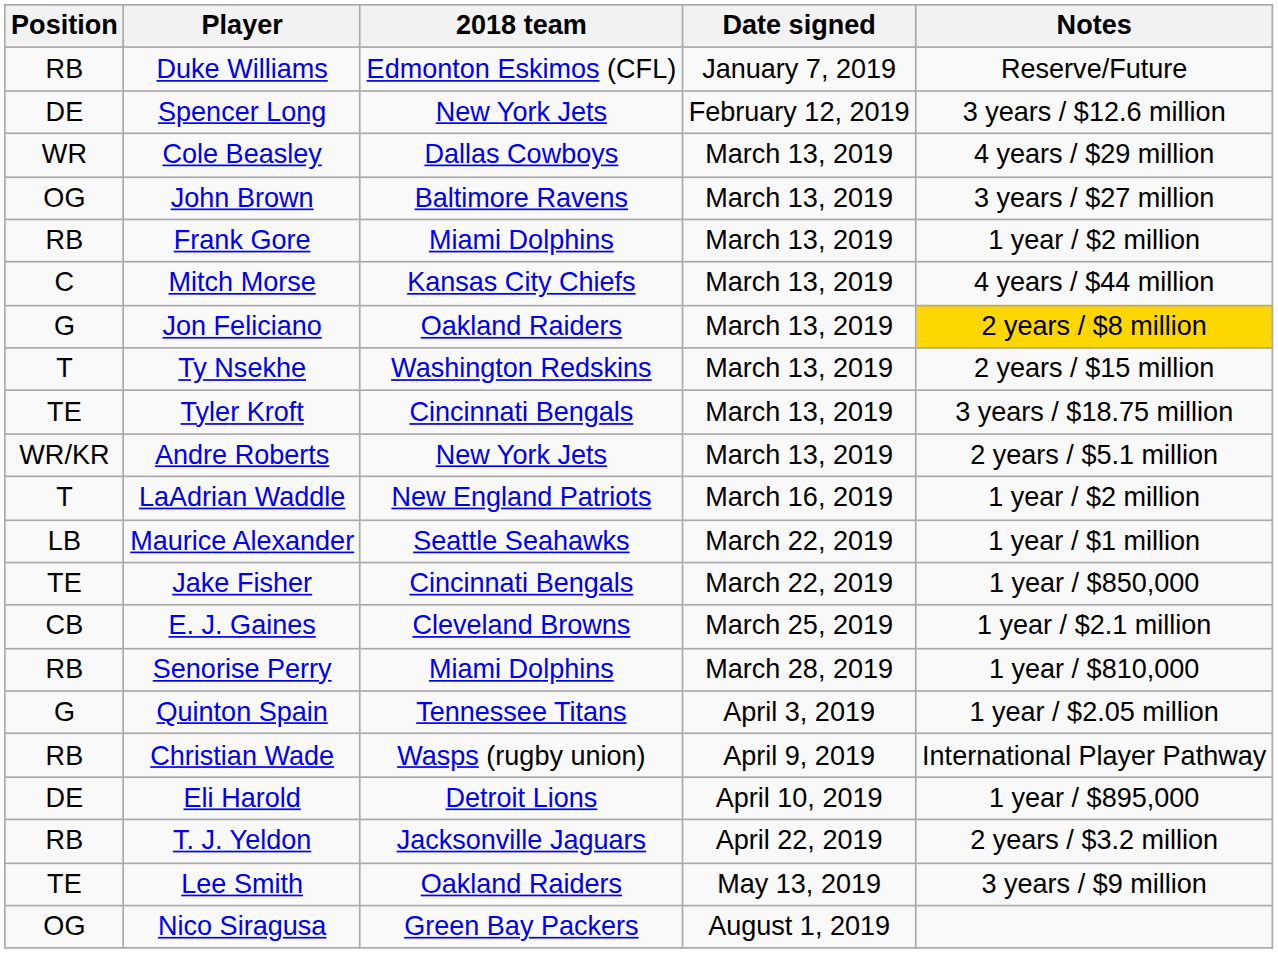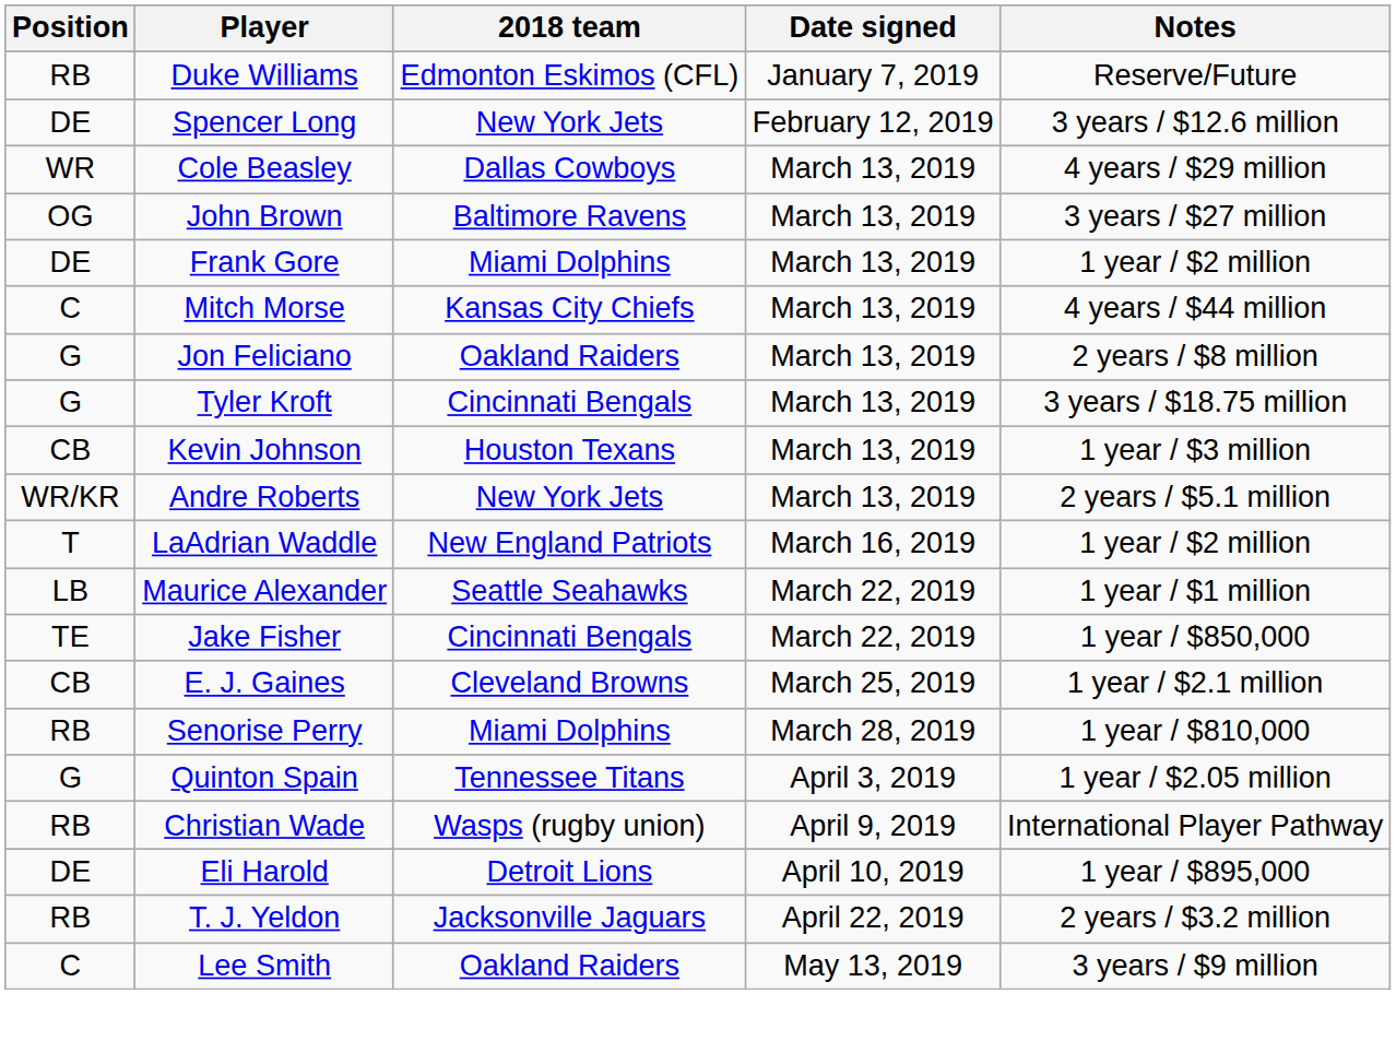 <table class="wikitable sortable" style="text-align:center">
 <tr>
 <th>Position</th>
 <th>Player</th>
 <th>2018 team</th>
 <th>Date signed</th>
 <th>Notes</th>
 </tr>
 <tr>
 <td>RB</td>
 <td><a href='#'>Duke Williams</a></td>
 <td><a href='#'>Edmonton Eskimos</a> (CFL)</td>
 <td>January 7, 2019</td>
 <td>Reserve/Future</td>
 </tr>
 <tr>
 <td>DE</td>
 <td><a href='#'>Spencer Long</a></td>
 <td><a href='#'>New York Jets</a></td>
 <td>February 12, 2019</td>
 <td>3 years / $12.6 million</td>
 </tr>
 <tr>
 <td>WR</td>
 <td><a href='#'>Cole Beasley</a></td>
 <td><a href='#'>Dallas Cowboys</a></td>
 <td>March 13, 2019</td>
 <td>4 years / $29 million</td>
 </tr>
 <tr>
 <td>OG</td>
 <td><a href='#'>John Brown</a></td>
 <td><a href='#'>Baltimore Ravens</a></td>
 <td>March 13, 2019</td>
 <td>3 years / $27 million</td>
 </tr>
 <tr>
-<td>RB</td>
+<td>DE</td>
 <td><a href='#'>Frank Gore</a></td>
 <td><a href='#'>Miami Dolphins</a></td>
 <td>March 13, 2019</td>
 <td>1 year / $2 million</td>
 </tr>
 <tr>
 <td>C</td>
 <td><a href='#'>Mitch Morse</a></td>
 <td><a href='#'>Kansas City Chiefs</a></td>
 <td>March 13, 2019</td>
 <td>4 years / $44 million</td>
 </tr>
 <tr>
 <td>G</td>
 <td><a href='#'>Jon Feliciano</a></td>
 <td><a href='#'>Oakland Raiders</a></td>
 <td>March 13, 2019</td>
-<td style="background: gold;">2 years / $8 million</td>
+<td>2 years / $8 million</td>
 </tr>
 <tr>
-<td>T</td>
-<td><a href='#'>Ty Nsekhe</a></td>
-<td><a href='#'>Washington Redskins</a></td>
-<td>March 13, 2019</td>
-<td>2 years / $15 million</td>
-</tr>
-<tr>
-<td>TE</td>
+<td>G</td>
 <td><a href='#'>Tyler Kroft</a></td>
 <td><a href='#'>Cincinnati Bengals</a></td>
 <td>March 13, 2019</td>
 <td>3 years / $18.75 million</td>
+</tr>
+<tr>
+<td>CB</td>
+<td><a href='#'>Kevin Johnson</a></td>
+<td><a href='#'>Houston Texans</a></td>
+<td>March 13, 2019</td>
+<td>1 year / $3 million</td>
 </tr>
 <tr>
 <td>WR/KR</td>
 <td><a href='#'>Andre Roberts</a></td>
 <td><a href='#'>New York Jets</a></td>
 <td>March 13, 2019</td>
 <td>2 years / $5.1 million</td>
 </tr>
 <tr>
 <td>T</td>
 <td><a href='#'>LaAdrian Waddle</a></td>
 <td><a href='#'>New England Patriots</a></td>
 <td>March 16, 2019</td>
 <td>1 year / $2 million</td>
 </tr>
 <tr>
 <td>LB</td>
 <td><a href='#'>Maurice Alexander</a></td>
 <td><a href='#'>Seattle Seahawks</a></td>
 <td>March 22, 2019</td>
 <td>1 year / $1 million</td>
 </tr>
 <tr>
 <td>TE</td>
 <td><a href='#'>Jake Fisher</a></td>
 <td><a href='#'>Cincinnati Bengals</a></td>
 <td>March 22, 2019</td>
 <td>1 year / $850,000</td>
 </tr>
 <tr>
 <td>CB</td>
 <td><a href='#'>E. J. Gaines</a></td>
 <td><a href='#'>Cleveland Browns</a></td>
 <td>March 25, 2019</td>
 <td>1 year / $2.1 million</td>
 </tr>
 <tr>
 <td>RB</td>
 <td><a href='#'>Senorise Perry</a></td>
 <td><a href='#'>Miami Dolphins</a></td>
 <td>March 28, 2019</td>
 <td>1 year / $810,000</td>
 </tr>
 <tr>
 <td>G</td>
 <td><a href='#'>Quinton Spain</a></td>
 <td><a href='#'>Tennessee Titans</a></td>
 <td>April 3, 2019</td>
 <td>1 year / $2.05 million</td>
 </tr>
 <tr>
 <td>RB</td>
 <td><a href='#'>Christian Wade</a></td>
 <td><a href='#'>Wasps</a> (rugby union)</td>
 <td>April 9, 2019</td>
 <td>International Player Pathway</td>
 </tr>
 <tr>
 <td>DE</td>
 <td><a href='#'>Eli Harold</a></td>
 <td><a href='#'>Detroit Lions</a></td>
 <td>April 10, 2019</td>
 <td>1 year / $895,000</td>
 </tr>
 <tr>
 <td>RB</td>
 <td><a href='#'>T. J. Yeldon</a></td>
 <td><a href='#'>Jacksonville Jaguars</a></td>
 <td>April 22, 2019</td>
 <td>2 years / $3.2 million</td>
 </tr>
 <tr>
-<td>TE</td>
+<td>C</td>
 <td><a href='#'>Lee Smith</a></td>
 <td><a href='#'>Oakland Raiders</a></td>
 <td>May 13, 2019</td>
 <td>3 years / $9 million</td>
 </tr>
-<tr>
-<td>OG</td>
-<td><a href='#'>Nico Siragusa</a></td>
-<td><a href='#'>Green Bay Packers</a></td>
-<td>August 1, 2019</td>
-<td></td>
-</tr>
 </table>
